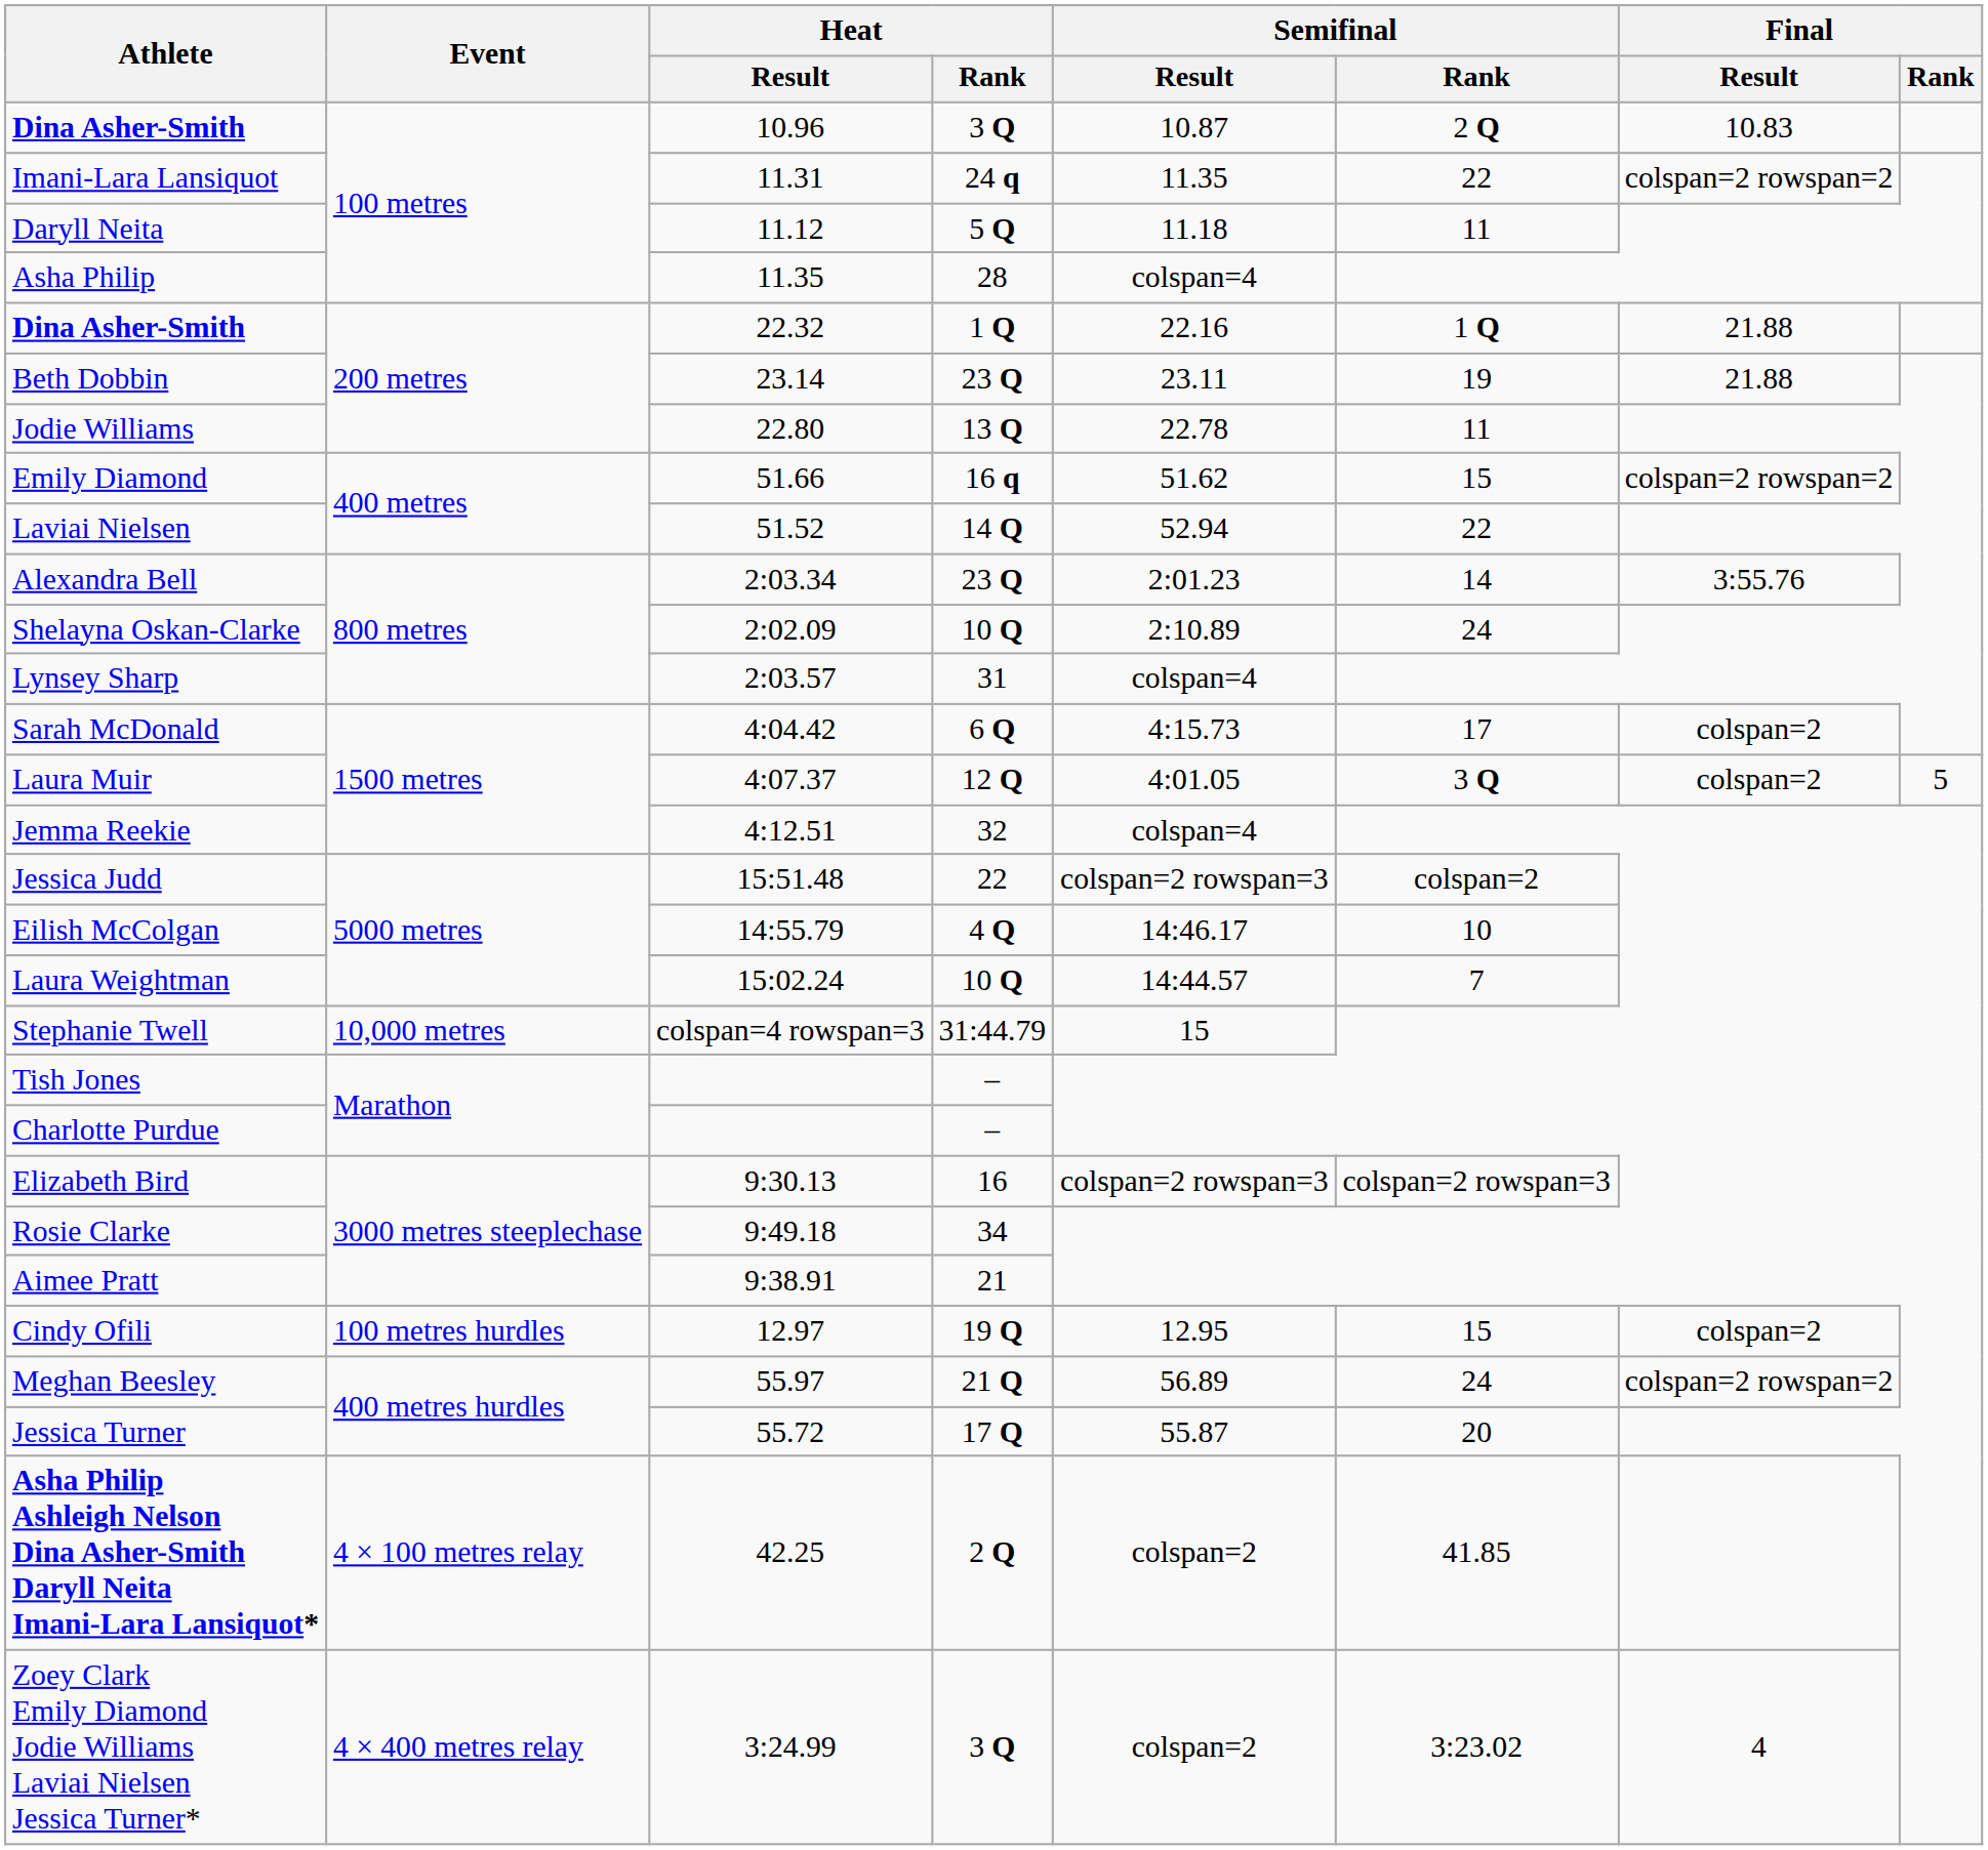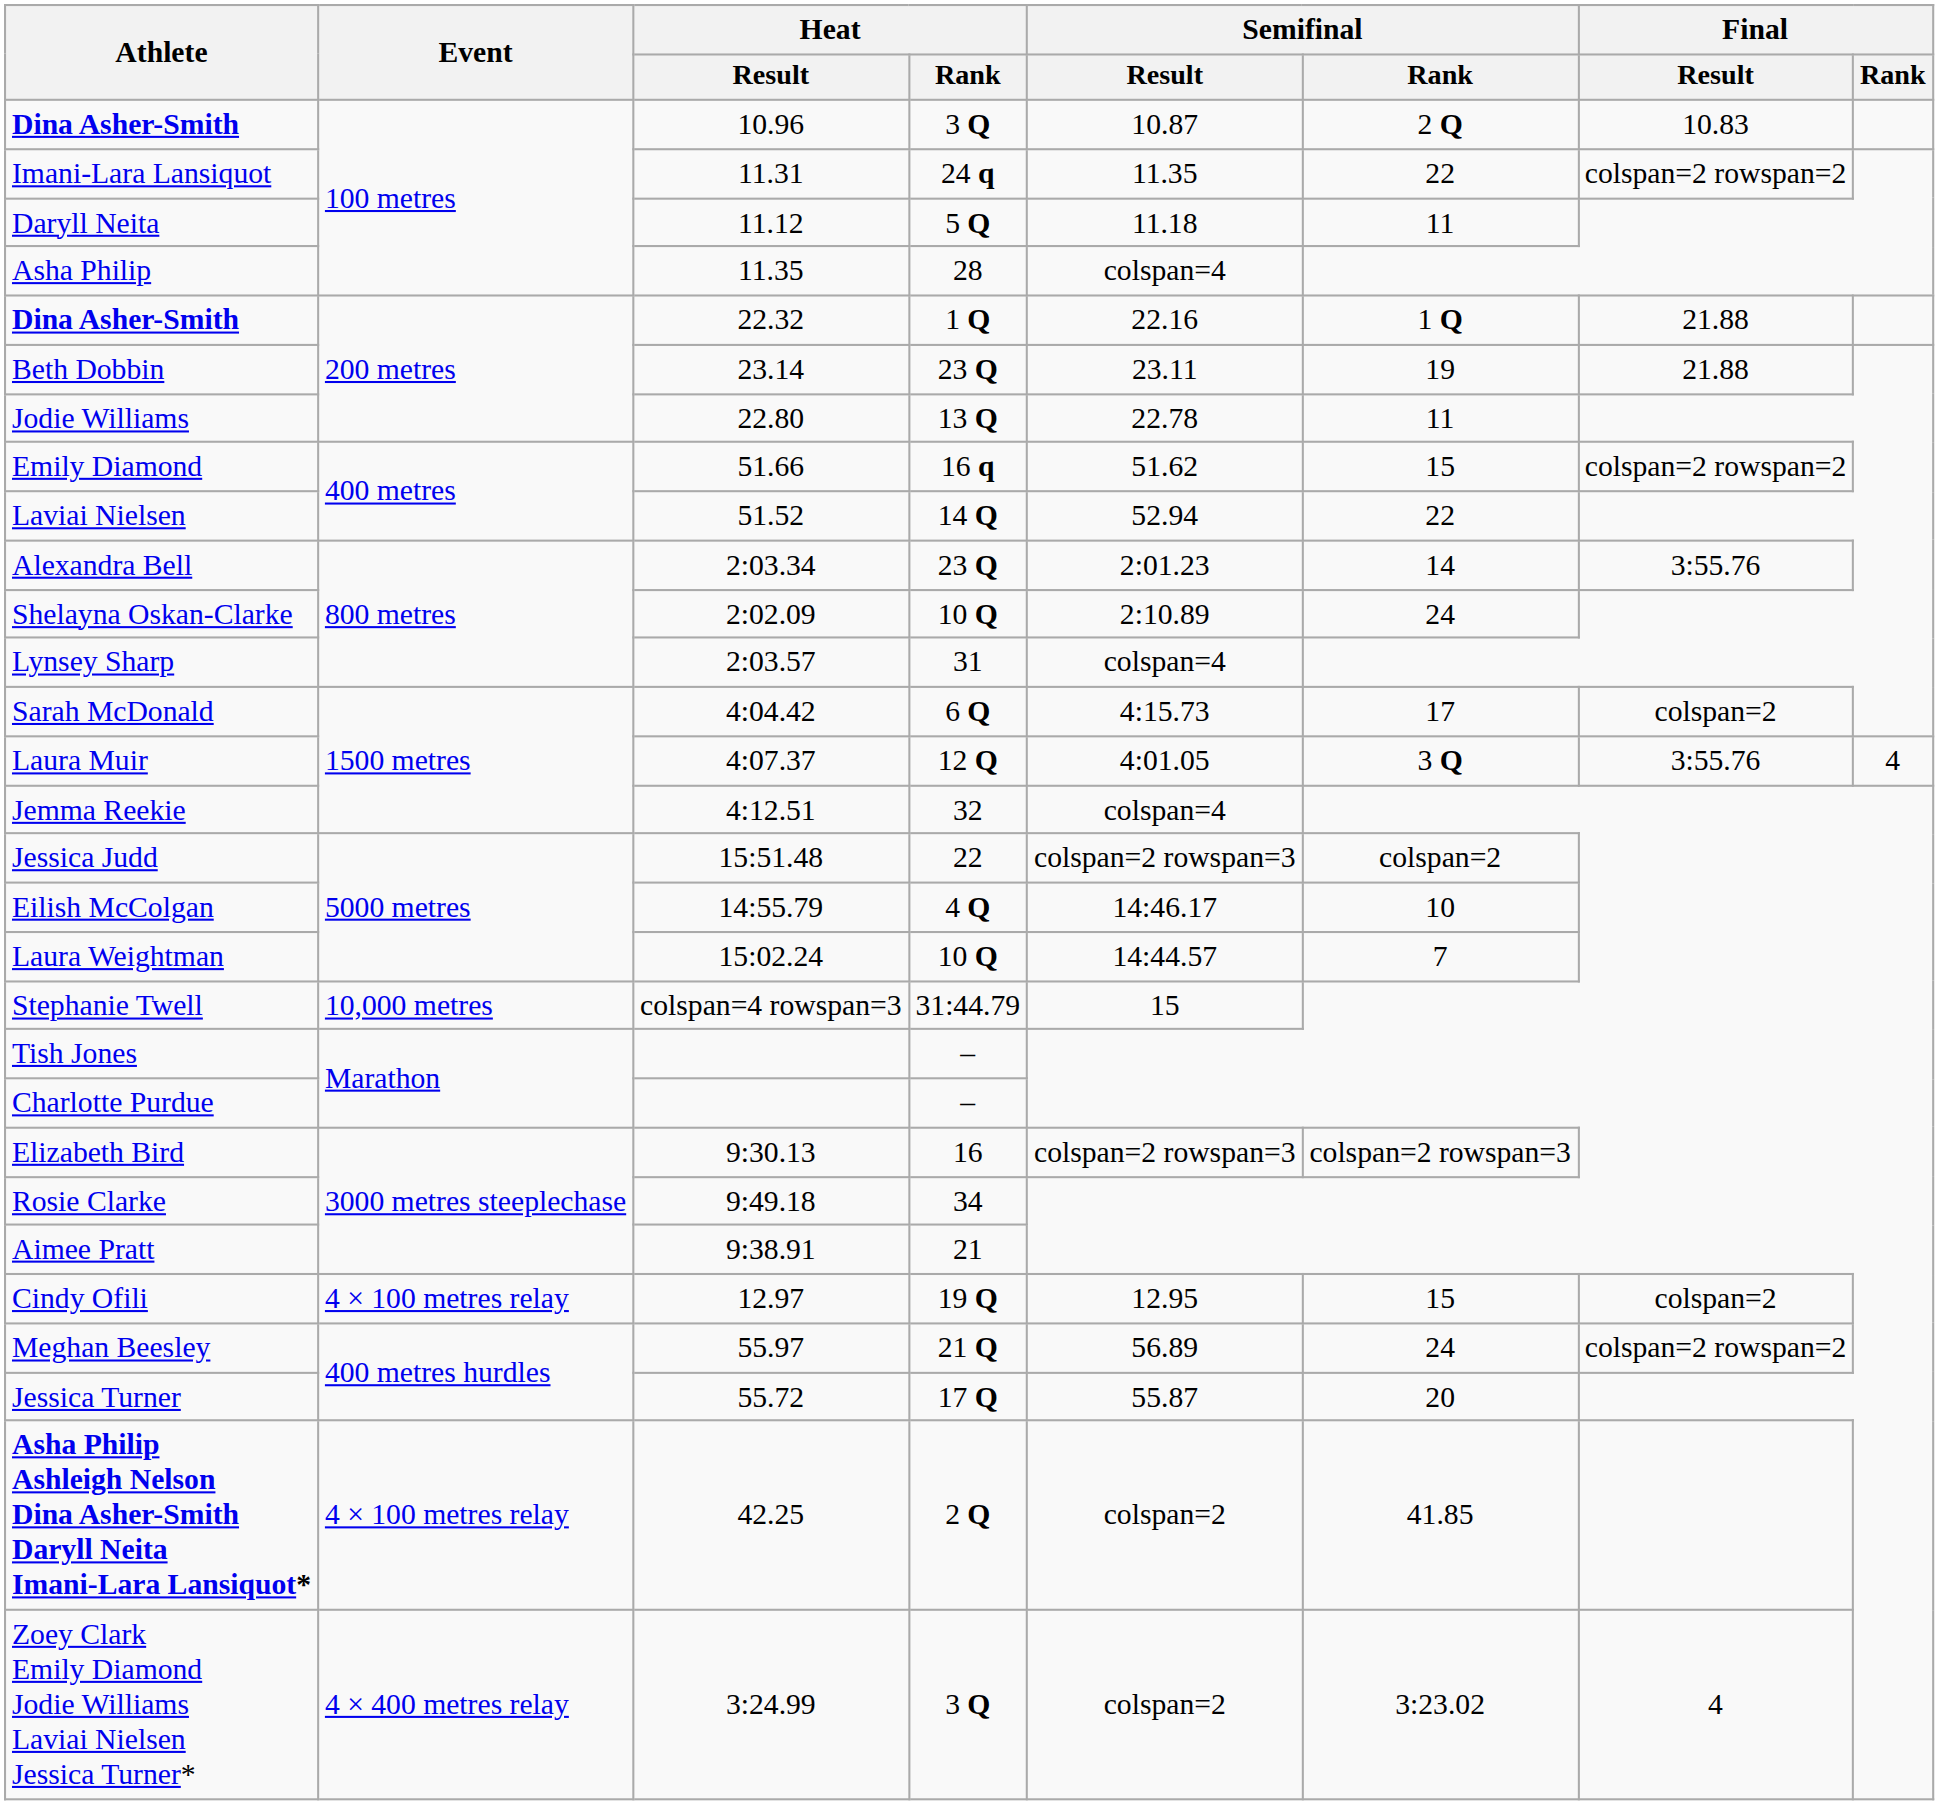 <table class="wikitable" style="font-size:90%">
 <tr>
 <th rowspan="2">Athlete</th>
 <th rowspan="2">Event</th>
 <th colspan="2">Heat</th>
 <th colspan="2">Semifinal</th>
 <th colspan="2">Final</th>
 </tr>
 <tr style="font-size:95%">
 <th>Result</th>
 <th>Rank</th>
 <th>Result</th>
 <th>Rank</th>
 <th>Result</th>
 <th>Rank</th>
 </tr>
 <tr style=text-align:center>
 <td style=text-align:left><strong><a href='#'>Dina Asher-Smith</a></strong></td>
 <td style=text-align:left rowspan=4><a href='#'>100 metres</a></td>
 <td>10.96</td>
 <td>3 <strong>Q</strong></td>
 <td>10.87 </td>
 <td>2 <strong>Q</strong></td>
 <td>10.83 </td>
 <td></td>
 </tr>
 <tr style=text-align:center>
 <td style=text-align:left><a href='#'>Imani-Lara Lansiquot</a></td>
 <td>11.31</td>
 <td>24 <strong>q</strong></td>
 <td>11.35</td>
 <td>22</td>
 <td>colspan=2 rowspan=2 </td>
 </tr>
 <tr style=text-align:center>
 <td style=text-align:left><a href='#'>Daryll Neita</a></td>
 <td>11.12 </td>
 <td>5 <strong>Q</strong></td>
 <td>11.18</td>
 <td>11</td>
 </tr>
 <tr style=text-align:center>
 <td style=text-align:left><a href='#'>Asha Philip</a></td>
 <td>11.35</td>
 <td>28</td>
 <td>colspan=4 </td>
 </tr>
 <tr style=text-align:center>
 <td style=text-align:left><strong><a href='#'>Dina Asher-Smith</a></strong></td>
 <td style=text-align:left rowspan=3><a href='#'>200 metres</a></td>
 <td>22.32</td>
 <td>1 <strong>Q</strong></td>
 <td>22.16</td>
 <td>1 <strong>Q</strong></td>
 <td>21.88 </td>
 <td></td>
 </tr>
 <tr style=text-align:center>
 <td style=text-align:left><a href='#'>Beth Dobbin</a></td>
 <td>23.14</td>
 <td>23 <strong>Q</strong></td>
 <td>23.11</td>
 <td>19</td>
 <td>21.88 </td>
 </tr>
 <tr style=text-align:center>
 <td style=text-align:left><a href='#'>Jodie Williams</a></td>
 <td>22.80</td>
 <td>13 <strong>Q</strong></td>
 <td>22.78</td>
 <td>11</td>
 </tr>
 <tr style=text-align:center>
 <td style=text-align:left><a href='#'>Emily Diamond</a></td>
 <td style=text-align:left rowspan=2><a href='#'>400 metres</a></td>
 <td>51.66 </td>
 <td>16 <strong>q</strong></td>
 <td>51.62 </td>
 <td>15</td>
 <td>colspan=2 rowspan=2 </td>
 </tr>
 <tr style=text-align:center>
 <td style=text-align:left><a href='#'>Laviai Nielsen</a></td>
 <td>51.52</td>
 <td>14 <strong>Q</strong></td>
 <td>52.94</td>
 <td>22</td>
 </tr>
 <tr style=text-align:center>
 <td style=text-align:left><a href='#'>Alexandra Bell</a></td>
 <td style=text-align:left rowspan=3><a href='#'>800 metres</a></td>
 <td>2:03.34</td>
 <td>23 <strong>Q</strong></td>
 <td>2:01.23</td>
 <td>14</td>
 <td>3:55.76 </td>
 </tr>
 <tr style=text-align:center>
 <td style=text-align:left><a href='#'>Shelayna Oskan-Clarke</a></td>
 <td>2:02.09</td>
 <td>10 <strong>Q</strong></td>
 <td>2:10.89</td>
 <td>24</td>
 </tr>
 <tr style=text-align:center>
 <td style=text-align:left><a href='#'>Lynsey Sharp</a></td>
 <td>2:03.57</td>
 <td>31</td>
 <td>colspan=4 </td>
 </tr>
 <tr style=text-align:center>
 <td style=text-align:left><a href='#'>Sarah McDonald</a></td>
 <td style=text-align:left rowspan=3><a href='#'>1500 metres</a></td>
 <td>4:04.42</td>
 <td>6 <strong>Q</strong></td>
 <td>4:15.73</td>
 <td>17</td>
 <td>colspan=2 </td>
 </tr>
 <tr style=text-align:center>
 <td style=text-align:left><a href='#'>Laura Muir</a></td>
 <td>4:07.37</td>
 <td>12 <strong>Q</strong></td>
 <td>4:01.05</td>
 <td>3 <strong>Q</strong></td>
-<td>colspan=2 </td>
-<td>5</td>
+<td>3:55.76 </td>
+<td>4</td>
 </tr>
 <tr style=text-align:center>
 <td style=text-align:left><a href='#'>Jemma Reekie</a></td>
 <td>4:12.51</td>
 <td>32</td>
 <td>colspan=4 </td>
 </tr>
 <tr style=text-align:center>
 <td style=text-align:left><a href='#'>Jessica Judd</a></td>
 <td style=text-align:left rowspan=3><a href='#'>5000 metres</a></td>
 <td>15:51.48</td>
 <td>22</td>
 <td>colspan=2 rowspan=3 </td>
 <td>colspan=2 </td>
 </tr>
 <tr style=text-align:center>
 <td style=text-align:left><a href='#'>Eilish McColgan</a></td>
 <td>14:55.79</td>
 <td>4 <strong>Q</strong></td>
 <td>14:46.17 </td>
 <td>10</td>
 </tr>
 <tr style=text-align:center>
 <td style=text-align:left><a href='#'>Laura Weightman</a></td>
 <td>15:02.24</td>
 <td>10 <strong>Q</strong></td>
 <td>14:44.57 </td>
 <td>7</td>
 </tr>
 <tr style=text-align:center>
 <td style=text-align:left><a href='#'>Stephanie Twell</a></td>
 <td style=text-align:left><a href='#'>10,000 metres</a></td>
 <td>colspan=4 rowspan=3 </td>
 <td>31:44.79</td>
 <td>15</td>
 </tr>
 <tr style=text-align:center>
 <td style=text-align:left><a href='#'>Tish Jones</a></td>
 <td style=text-align:left rowspan=2><a href='#'>Marathon</a></td>
 <td></td>
 <td>–</td>
 </tr>
 <tr style=text-align:center>
 <td style=text-align:left><a href='#'>Charlotte Purdue</a></td>
 <td></td>
 <td>–</td>
 </tr>
 <tr style=text-align:center>
 <td style=text-align:left><a href='#'>Elizabeth Bird</a></td>
 <td style=text-align:left rowspan=3><a href='#'>3000 metres steeplechase</a></td>
 <td>9:30.13 </td>
 <td>16</td>
 <td>colspan=2 rowspan=3 </td>
 <td>colspan=2 rowspan=3 </td>
 </tr>
 <tr style=text-align:center>
 <td style=text-align:left><a href='#'>Rosie Clarke</a></td>
 <td>9:49.18</td>
 <td>34</td>
 </tr>
 <tr style=text-align:center>
 <td style=text-align:left><a href='#'>Aimee Pratt</a></td>
 <td>9:38.91 </td>
 <td>21</td>
 </tr>
 <tr style=text-align:center>
 <td style=text-align:left><a href='#'>Cindy Ofili</a></td>
-<td style=text-align:left><a href='#'>100 metres hurdles</a></td>
+<td style=text-align:left><a href='#'>4 × 100 metres relay</a></td>
 <td>12.97</td>
 <td>19 <strong>Q</strong></td>
 <td>12.95</td>
 <td>15</td>
 <td>colspan=2 </td>
 </tr>
 <tr style=text-align:center>
 <td style=text-align:left><a href='#'>Meghan Beesley</a></td>
 <td style=text-align:left rowspan=2><a href='#'>400 metres hurdles</a></td>
 <td>55.97</td>
 <td>21 <strong>Q</strong></td>
 <td>56.89</td>
 <td>24</td>
 <td>colspan=2 rowspan=2 </td>
 </tr>
 <tr style=text-align:center>
 <td style=text-align:left><a href='#'>Jessica Turner</a></td>
 <td>55.72 </td>
 <td>17 <strong>Q</strong></td>
 <td>55.87</td>
 <td>20</td>
 </tr>
 <tr style=text-align:center>
 <td style=text-align:left><strong><a href='#'>Asha Philip</a><br><a href='#'>Ashleigh Nelson</a><br><a href='#'>Dina Asher-Smith</a><br><a href='#'>Daryll Neita</a><br><a href='#'>Imani-Lara Lansiquot</a>*</strong></td>
 <td style=text-align:left><a href='#'>4 × 100 metres relay</a></td>
 <td>42.25 </td>
 <td>2 <strong>Q</strong></td>
 <td>colspan=2 </td>
 <td>41.85 </td>
 <td></td>
 </tr>
 <tr style=text-align:center>
 <td style=text-align:left><a href='#'>Zoey Clark</a><br><a href='#'>Emily Diamond</a><br><a href='#'>Jodie Williams</a><br><a href='#'>Laviai Nielsen</a><br><a href='#'>Jessica Turner</a>*</td>
 <td style=text-align:left><a href='#'>4 × 400 metres relay</a></td>
 <td>3:24.99 </td>
 <td>3 <strong>Q</strong></td>
 <td>colspan=2 </td>
 <td>3:23.02 </td>
 <td>4</td>
 </tr>
 </table>
